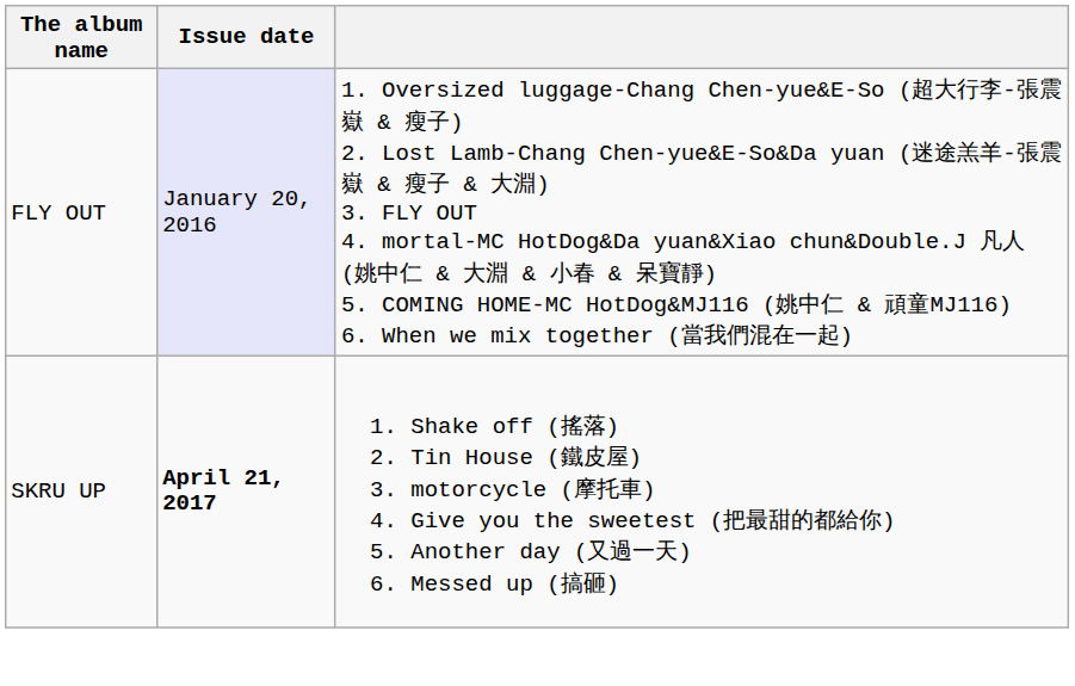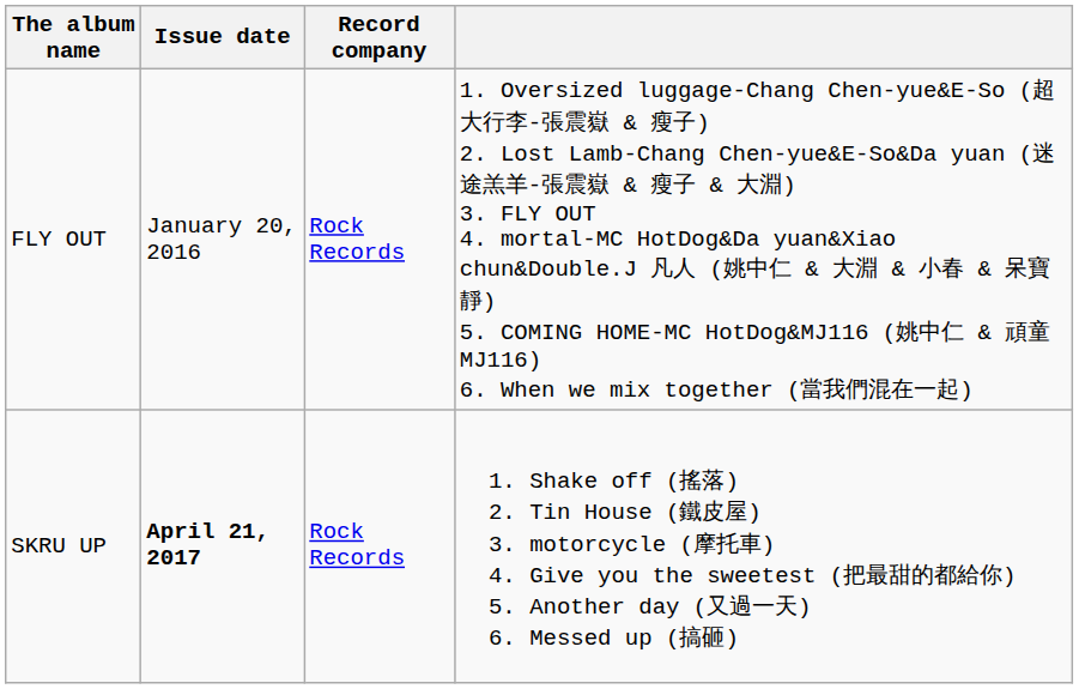 <table class="wikitable">
 <tr>
 <th>The album name</th>
 <th>Issue date</th>
+<th>Record company</th>
 <th></th>
 </tr>
 <tr>
 <td>FLY OUT</td>
-<td style="background: lavender;">January 20, 2016</td>
+<td>January 20, 2016</td>
+<td><a href='#'>Rock Records</a></td>
 <td>1. Oversized luggage-Chang Chen-yue&E-So (超大行李-張震嶽 & 瘦子)<br>2. Lost Lamb-Chang Chen-yue&E-So&Da yuan (迷途羔羊-張震嶽 & 瘦子 & 大淵)<br>3. FLY OUT<br>4. mortal-MC HotDog&Da yuan&Xiao chun&Double.J 凡人 (姚中仁 & 大淵 & 小春 & 呆寶靜)<br>5. COMING HOME-MC HotDog&MJ116 (姚中仁 & 頑童MJ116)<br>6. When we mix together (當我們混在一起)</td>
 </tr>
 <tr>
 <td>SKRU UP</td>
 <td><strong>April 21, 2017</strong></td>
+<td><a href='#'>Rock Records</a></td>
 <td><br><ol><li>Shake off (搖落)</li><li>Tin House (鐵皮屋)</li><li>motorcycle (摩托車)</li><li>Give you the sweetest (把最甜的都給你)</li><li>Another day (又過一天)</li><li>Messed up (搞砸)</li></ol></td>
 </tr>
 </table>
